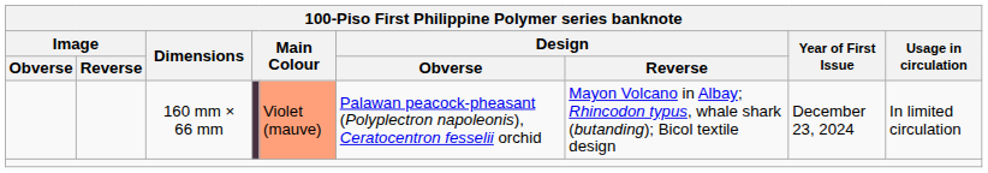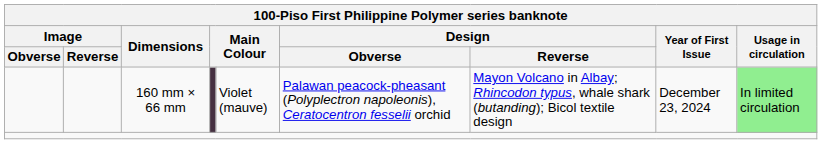 <table class="wikitable" style="margin:auto; font-size:90%;">
 <tr>
 <th colspan="9">100-Piso First Philippine Polymer series banknote</th>
 </tr>
 <tr>
 <th colspan="2">Image</th>
 <th rowspan="2">Dimensions</th>
 <th colspan="2" rowspan="2">Main Colour</th>
 <th colspan="2">Design</th>
 <th rowspan="2"><small>Year of First Issue</small></th>
 <th rowspan="2"><small>Usage in circulation</small></th>
 </tr>
 <tr>
 <th>Obverse</th>
 <th>Reverse</th>
 <th>Obverse</th>
 <th>Reverse</th>
 </tr>
 <tr style="height:62px">
 <td style="text-align:center;"></td>
 <td style="text-align:center;"></td>
 <td style="text-align:center;">160 mm × 66 mm</td>
 <td style="text-align:center; background:#463041;"></td>
-<td style="background: lightsalmon;">Violet (mauve)</td>
+<td>Violet (mauve)</td>
 <td><a href='#'>Palawan peacock-pheasant</a> (<em>Polyplectron napoleonis</em>), <em><a href='#'>Ceratocentron fesselii</a></em> orchid</td>
 <td><a href='#'>Mayon Volcano</a> in <a href='#'>Albay</a>; <em><a href='#'>Rhincodon typus</a></em>, whale shark (<em>butanding</em>); Bicol textile design</td>
 <td>December 23, 2024</td>
-<td>In limited circulation</td>
+<td style="background: lightgreen;">In limited circulation</td>
 </tr>
 <tr>
 <td colspan="9"></td>
 </tr>
 </table>
